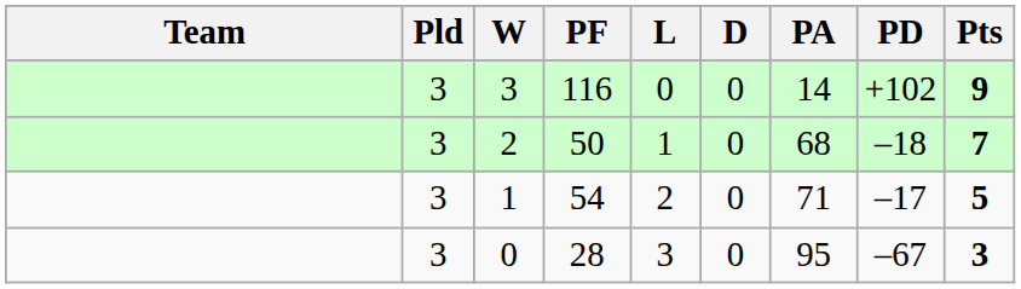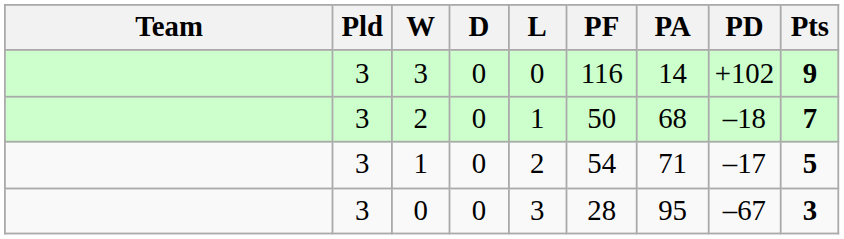 <table class="wikitable" style="text-align:center;">
 <tr>
 <th width=175>Team</th>
 <th width=25 abbr="Played">Pld</th>
 <th width=25 abbr="Won">W</th>
+<th width=25 abbr="Drawn">D</th>
+<th width=25 abbr="Lost">L</th>
 <th width=32 abbr="Points for">PF</th>
-<th width=25 abbr="Lost">L</th>
-<th width=25 abbr="Drawn">D</th>
 <th width=32 abbr="Points against">PA</th>
 <th width=32 abbr="Points difference">PD</th>
 <th width=25 abbr="Points">Pts</th>
 </tr>
 <tr bgcolor=ccffcc>
 <td align=left></td>
 <td>3</td>
 <td>3</td>
-<td>116</td>
 <td>0</td>
 <td>0</td>
+<td>116</td>
 <td>14</td>
 <td>+102</td>
 <td><strong>9</strong></td>
 </tr>
 <tr bgcolor=ccffcc>
 <td align=left></td>
 <td>3</td>
 <td>2</td>
+<td>0</td>
+<td>1</td>
 <td>50</td>
-<td>1</td>
-<td>0</td>
 <td>68</td>
 <td>–18</td>
 <td><strong>7</strong></td>
 </tr>
 <tr>
 <td align=left></td>
 <td>3</td>
 <td>1</td>
+<td>0</td>
+<td>2</td>
 <td>54</td>
-<td>2</td>
-<td>0</td>
 <td>71</td>
 <td>–17</td>
 <td><strong>5</strong></td>
 </tr>
 <tr>
 <td align=left></td>
 <td>3</td>
 <td>0</td>
+<td>0</td>
+<td>3</td>
 <td>28</td>
-<td>3</td>
-<td>0</td>
 <td>95</td>
 <td>–67</td>
 <td><strong>3</strong></td>
 </tr>
 </table>
